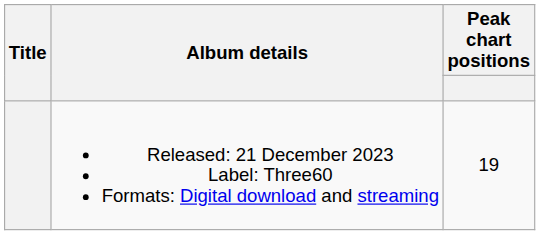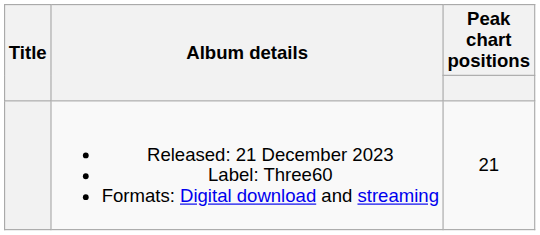 <table class="wikitable plainrowheaders" style="text-align:center;" border="1">
 <tr>
 <th scope="col" rowspan="2">Title</th>
 <th scope="col" rowspan="2">Album details</th>
 <th scope="col" colspan="1">Peak<br>chart<br>positions</th>
 </tr>
 <tr>
 <th scope="col" style="width:3em;font-size:85%;"><a href='#'></a><br></th>
 </tr>
 <tr>
 <th scope="row"></th>
 <td><br><ul><li>Released: 21 December 2023</li><li>Label: Three60</li><li>Formats: <a href='#'>Digital download</a> and <a href='#'>streaming</a></li></ul></td>
-<td>19</td>
+<td>21</td>
 </tr>
 </table>
